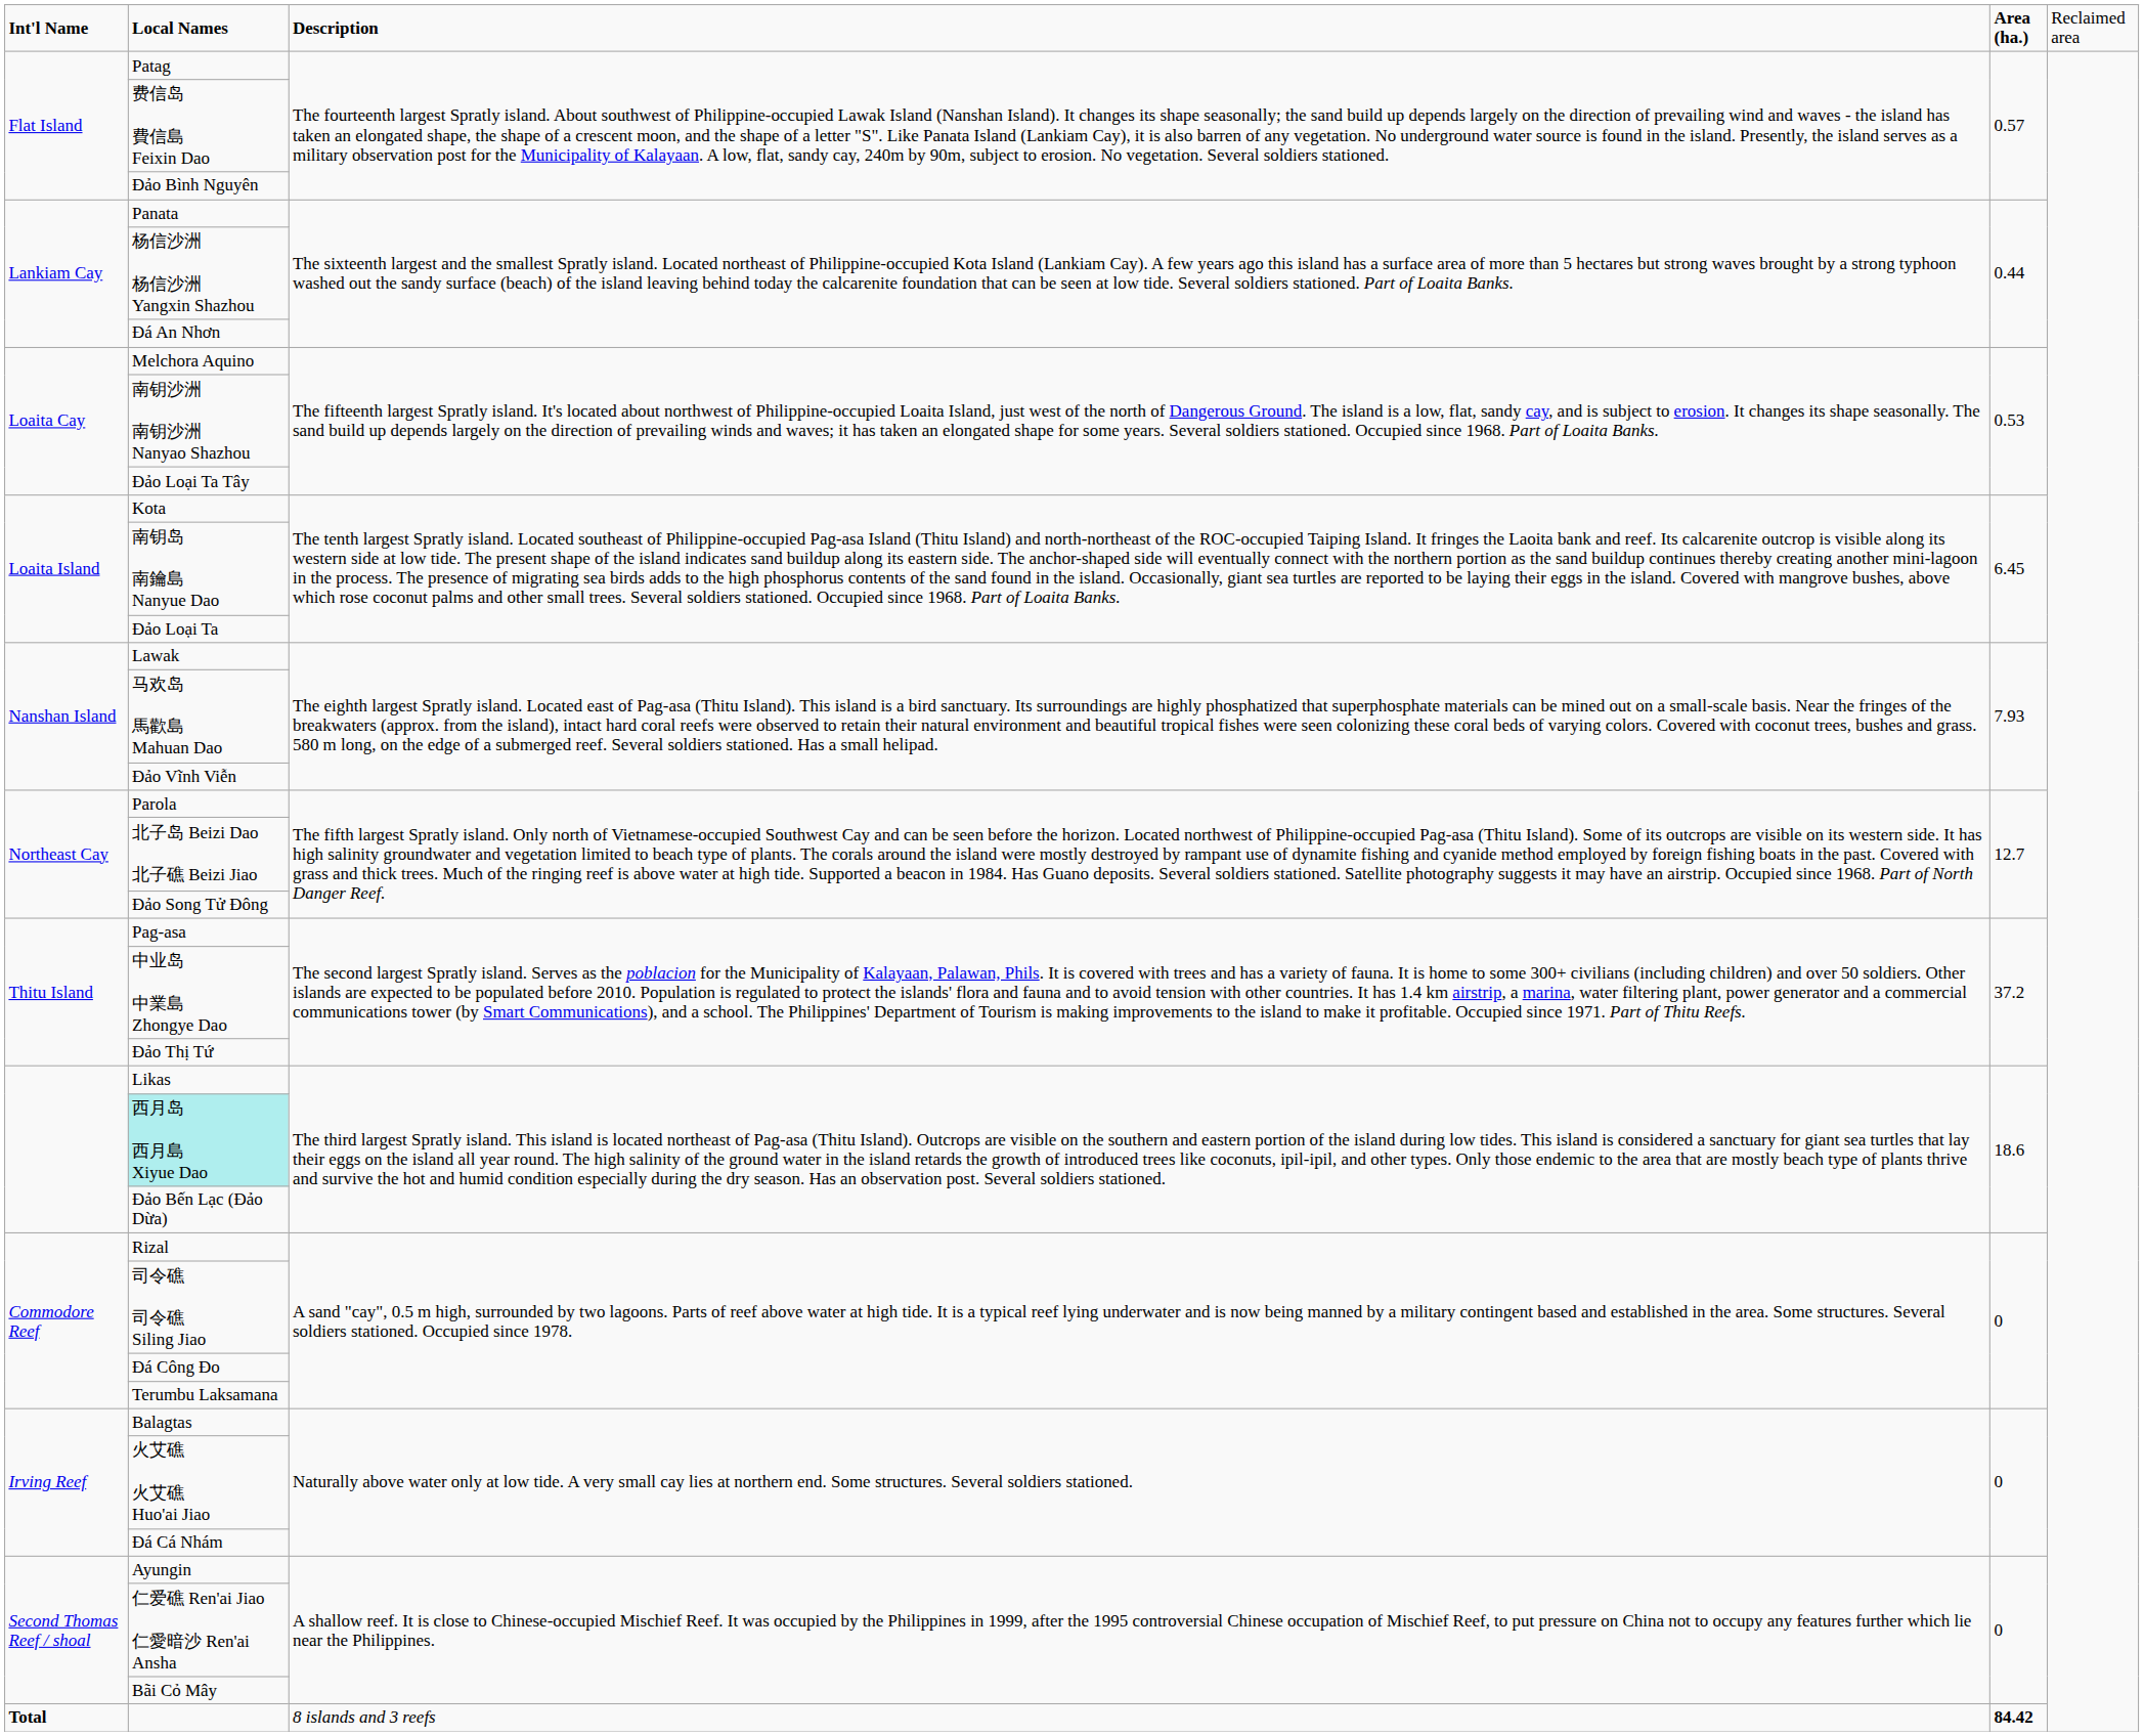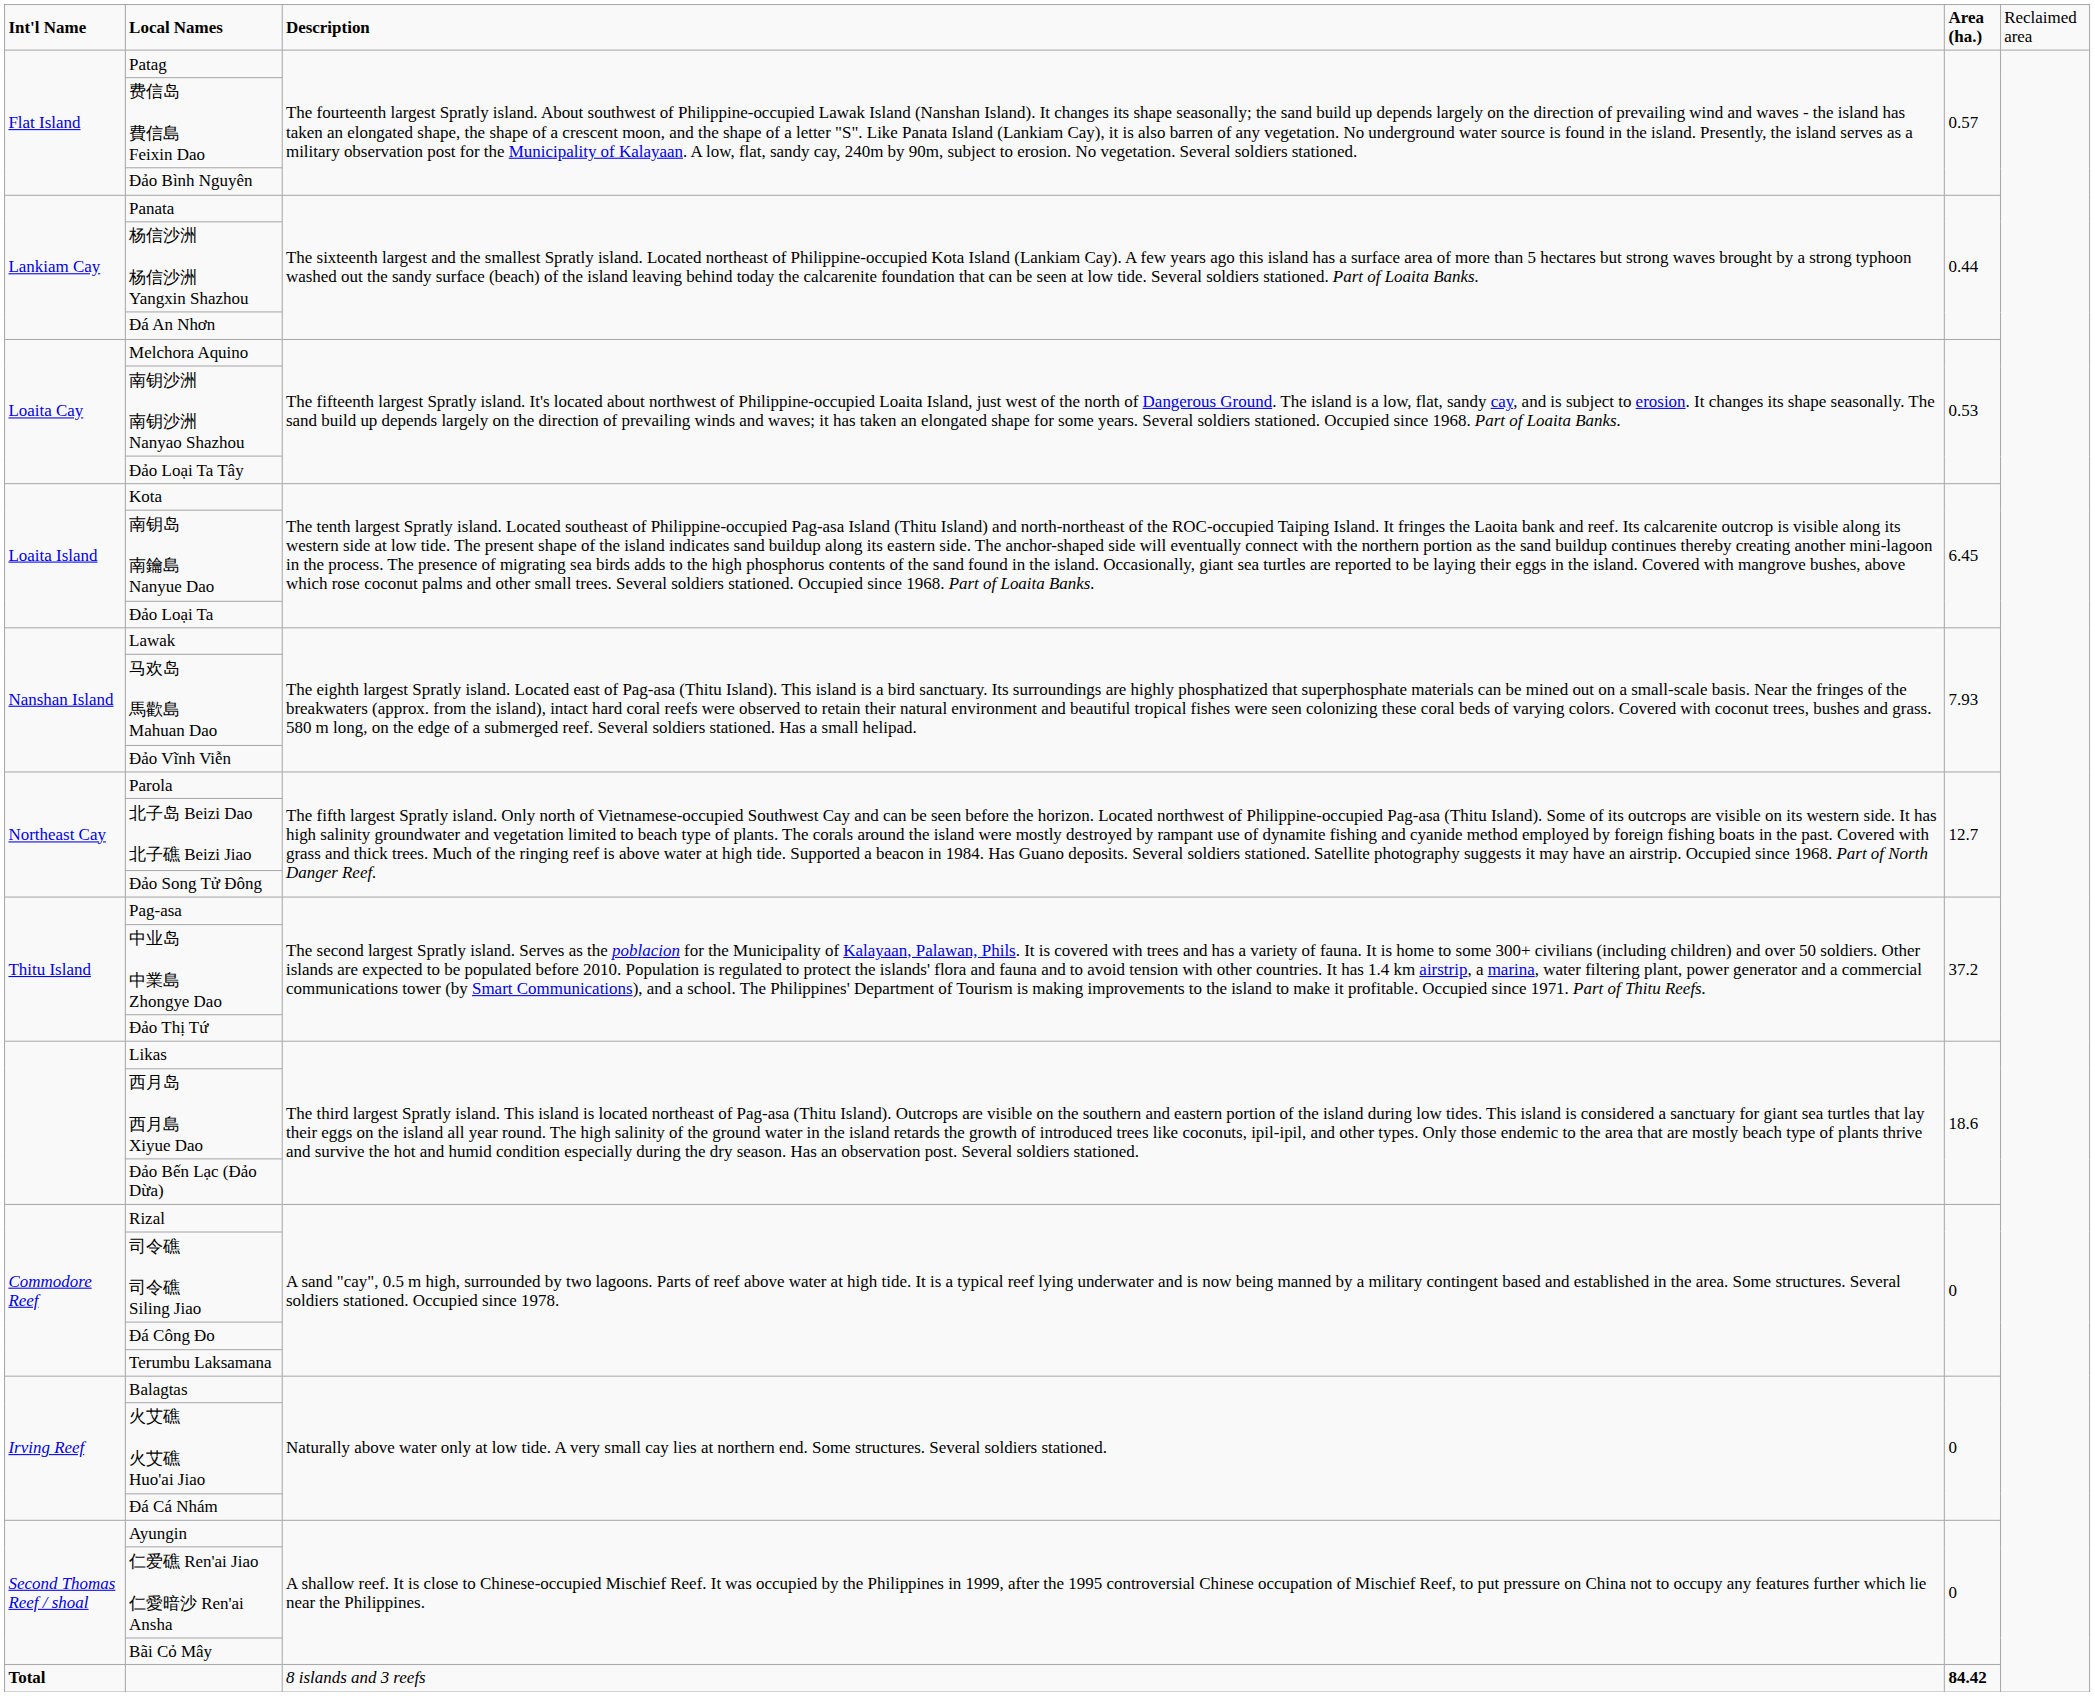 <table class="wikitable">
 <tr>
 <td><strong>Int'l Name</strong></td>
 <td><strong>Local Names</strong></td>
 <td><strong>Description</strong></td>
 <td><strong>Area (ha.)</strong></td>
 <td>Reclaimed area</td>
 </tr>
 <tr>
 <td rowspan="3"><a href='#'>Flat Island</a></td>
 <td> Patag</td>
 <td rowspan="3"><br>The fourteenth largest Spratly island. About  southwest of Philippine-occupied Lawak Island (Nanshan Island). It changes its shape seasonally; the sand build up depends largely on the direction of prevailing wind and waves - the island has taken an elongated shape, the shape of a crescent moon, and the shape of a letter "S". Like Panata Island (Lankiam Cay), it is also barren of any vegetation. No underground water source is found in the island. Presently, the island serves as a military observation post for the <a href='#'>Municipality of Kalayaan</a>. A low, flat, sandy cay, 240m by 90m, subject to erosion. No vegetation. Several soldiers stationed.</td>
 <td rowspan="3">0.57</td>
 </tr>
 <tr>
 <td> 费信岛<br><br> 費信島<br> Feixin Dao</td>
 </tr>
 <tr>
 <td> Đảo Bình Nguyên</td>
 </tr>
 <tr>
 <td rowspan="3"><a href='#'>Lankiam Cay</a></td>
 <td> Panata</td>
 <td rowspan="3">The sixteenth largest and the smallest Spratly island. Located  northeast of Philippine-occupied Kota Island (Lankiam Cay). A few years ago this island has a surface area of more than 5 hectares but strong waves brought by a strong typhoon washed out the sandy surface (beach) of the island leaving behind today the calcarenite foundation that can be seen at low tide. Several soldiers stationed. <em>Part of Loaita Banks.</em></td>
 <td rowspan="3">0.44</td>
 </tr>
 <tr>
 <td> 杨信沙洲<br><br> 杨信沙洲<br> Yangxin Shazhou</td>
 </tr>
 <tr>
 <td> Đá An Nhơn</td>
 </tr>
 <tr>
 <td rowspan="3"><a href='#'>Loaita Cay</a></td>
 <td> Melchora Aquino</td>
 <td rowspan="3">The fifteenth largest Spratly island. It's located about  northwest of Philippine-occupied Loaita Island, just west of the north of <a href='#'>Dangerous Ground</a>. The island is a low, flat, sandy <a href='#'>cay</a>, and is subject to <a href='#'>erosion</a>. It changes its shape seasonally. The sand build up depends largely on the direction of prevailing winds and waves; it has taken an elongated shape for some years. Several soldiers stationed. Occupied since 1968. <em>Part of Loaita Banks.</em></td>
 <td rowspan="3">0.53</td>
 </tr>
 <tr>
 <td> 南钥沙洲<br><br> 南钥沙洲<br> Nanyao Shazhou</td>
 </tr>
 <tr>
 <td> Đảo Loại Ta Tây</td>
 </tr>
 <tr>
 <td rowspan="3"><a href='#'>Loaita Island</a></td>
 <td> Kota</td>
 <td rowspan="3">The tenth largest Spratly island. Located  southeast of Philippine-occupied Pag-asa Island (Thitu Island) and  north-northeast of the ROC-occupied Taiping Island. It fringes the Laoita bank and reef. Its calcarenite outcrop is visible along its western side at low tide. The present shape of the island indicates sand buildup along its eastern side. The anchor-shaped side will eventually connect with the northern portion as the sand buildup continues thereby creating another mini-lagoon in the process. The presence of migrating sea birds adds to the high phosphorus contents of the sand found in the island. Occasionally, giant sea turtles are reported to be laying their eggs in the island. Covered with mangrove bushes, above which rose coconut palms and other small trees. Several soldiers stationed. Occupied since 1968. <em>Part of Loaita Banks.</em></td>
 <td rowspan="3">6.45</td>
 </tr>
 <tr>
 <td> 南钥岛<br><br> 南鑰島<br> Nanyue Dao</td>
 </tr>
 <tr>
 <td> Đảo Loại Ta</td>
 </tr>
 <tr>
 <td rowspan="3"><a href='#'>Nanshan Island</a></td>
 <td> Lawak</td>
 <td rowspan="3"><br>The eighth largest Spratly island. Located  east of Pag-asa (Thitu Island). This island is a bird sanctuary. Its surroundings are highly phosphatized that superphosphate materials can be mined out on a small-scale basis. Near the fringes of the breakwaters (approx.  from the island), intact hard coral reefs were observed to retain their natural environment and beautiful tropical fishes were seen colonizing these coral beds of varying colors. Covered with coconut trees, bushes and grass. 580 m long, on the edge of a submerged reef. Several soldiers stationed. Has a small helipad.</td>
 <td rowspan="3">7.93</td>
 </tr>
 <tr>
 <td> 马欢岛<br><br> 馬歡島<br> Mahuan Dao</td>
 </tr>
 <tr>
 <td> Đảo Vĩnh Viễn</td>
 </tr>
 <tr>
 <td rowspan="3"><a href='#'>Northeast Cay</a></td>
 <td> Parola</td>
 <td rowspan="3"><br>The fifth largest Spratly island. Only  north of Vietnamese-occupied Southwest Cay and can be seen before the horizon. Located  northwest of Philippine-occupied Pag-asa (Thitu Island). Some of its outcrops are visible on its western side. It has high salinity groundwater and vegetation limited to beach type of plants. The corals around the island were mostly destroyed by rampant use of dynamite fishing and cyanide method employed by foreign fishing boats in the past. Covered with grass and thick trees. Much of the ringing reef is above water at high tide. Supported a beacon in 1984. Has Guano deposits. Several soldiers stationed. Satellite photography suggests it may have an airstrip. Occupied since 1968. <em>Part of North Danger Reef.</em></td>
 <td rowspan="3">12.7</td>
 </tr>
 <tr>
 <td> 北子岛 Beizi Dao<br><br> 北子礁 Beizi Jiao</td>
 </tr>
 <tr>
 <td> Đảo Song Tử Đông</td>
 </tr>
 <tr>
 <td rowspan="3"><a href='#'>Thitu Island</a></td>
 <td> Pag-asa</td>
 <td rowspan="3">The second largest Spratly island. Serves as the <em><a href='#'>poblacion</a></em> for the Municipality of <a href='#'>Kalayaan, Palawan, Phils</a>. It is covered with trees and has a variety of fauna. It is home to some 300+ civilians (including children) and over 50 soldiers. Other islands are expected to be populated before 2010. Population is regulated to protect the islands' flora and fauna and to avoid tension with other countries. It has 1.4 km <a href='#'>airstrip</a>, a <a href='#'>marina</a>, water filtering plant, power generator and a commercial communications tower (by <a href='#'>Smart Communications</a>), and a school. The Philippines' Department of Tourism is making improvements to the island to make it profitable. Occupied since 1971. <em>Part of Thitu Reefs.</em></td>
 <td rowspan="3">37.2</td>
 </tr>
 <tr>
 <td> 中业岛<br><br> 中業島<br> Zhongye Dao</td>
 </tr>
 <tr>
 <td> Đảo Thị Tứ</td>
 </tr>
 <tr>
 <td rowspan="3"></td>
 <td> Likas</td>
 <td rowspan="3"><br>The third largest Spratly island. This island is located  northeast of Pag-asa (Thitu Island). Outcrops are visible on the southern and eastern portion of the island during low tides. This island is considered a sanctuary for giant sea turtles that lay their eggs on the island all year round. The high salinity of the ground water in the island retards the growth of introduced trees like coconuts, ipil-ipil, and other types. Only those endemic to the area that are mostly beach type of plants thrive and survive the hot and humid condition especially during the dry season. Has an observation post. Several soldiers stationed.</td>
 <td rowspan="3">18.6</td>
 </tr>
 <tr>
-<td style="background: paleturquoise;"> 西月岛<br><br> 西月島<br> Xiyue Dao</td>
+<td> 西月岛<br><br> 西月島<br> Xiyue Dao</td>
 </tr>
 <tr>
 <td> Đảo Bến Lạc (Đảo Dừa)</td>
 </tr>
 <tr>
 <td rowspan="4"><em><a href='#'>Commodore Reef</a></em></td>
 <td> Rizal</td>
 <td rowspan="4">A sand "cay", 0.5 m high, surrounded by two lagoons. Parts of reef above water at high tide. It is a typical reef lying underwater and is now being manned by a military contingent based and established in the area. Some structures. Several soldiers stationed. Occupied since 1978.</td>
 <td rowspan="4">0</td>
 </tr>
 <tr>
 <td> 司令礁<br><br> 司令礁<br> Siling Jiao</td>
 </tr>
 <tr>
 <td> Đá Công Đo</td>
 </tr>
 <tr>
 <td nowrap> Terumbu Laksamana</td>
 </tr>
 <tr>
 <td rowspan="3"><em><a href='#'>Irving Reef</a></em></td>
 <td> Balagtas</td>
 <td rowspan="3">Naturally above water only at low tide. A very small cay lies at northern end. Some structures. Several soldiers stationed.</td>
 <td rowspan="3">0</td>
 </tr>
 <tr>
 <td> 火艾礁<br><br> 火艾礁<br>Huo'ai Jiao</td>
 </tr>
 <tr>
 <td> Đá Cá Nhám</td>
 </tr>
 <tr>
 <td rowspan="3"><em><a href='#'>Second Thomas Reef / shoal</a></em></td>
 <td> Ayungin</td>
 <td rowspan="3">A shallow reef. It is close to Chinese-occupied Mischief Reef. It was occupied by the Philippines in 1999, after the 1995 controversial Chinese occupation of Mischief Reef, to put pressure on China not to occupy any features further which lie near the Philippines.</td>
 <td rowspan="3">0</td>
 </tr>
 <tr>
 <td> 仁爱礁 Ren'ai Jiao<br><br> 仁愛暗沙 Ren'ai Ansha</td>
 </tr>
 <tr>
 <td> Bãi Cỏ Mây</td>
 </tr>
 <tr>
 <td><strong>Total</strong></td>
 <td></td>
 <td><em>8 islands and 3 reefs</em></td>
 <td><strong>84.42</strong></td>
 </tr>
 </table>
